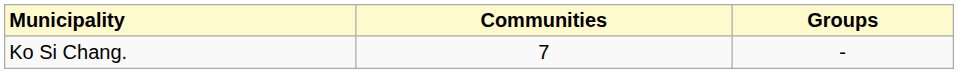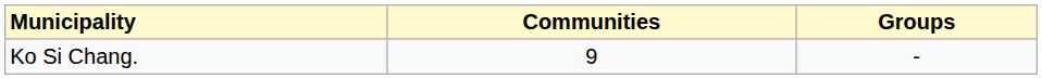 <table class="wikitable" style="width:48%; display:inline-table;">
 <tr>
 <td style= "background: #fffacd;"><strong>Municipality</strong></td>
 <td style= "background: #fffacd; text-align:center;"><strong>Communities</strong></td>
 <td style= "background: #fffacd; text-align:center;"><strong>Groups</strong></td>
 </tr>
 <tr>
 <td>Ko Si Chang.</td>
-<td style="text-align:center;">7</td>
+<td style="text-align:center;">9</td>
 <td style="text-align:center;">-</td>
 </tr>
 </table>
